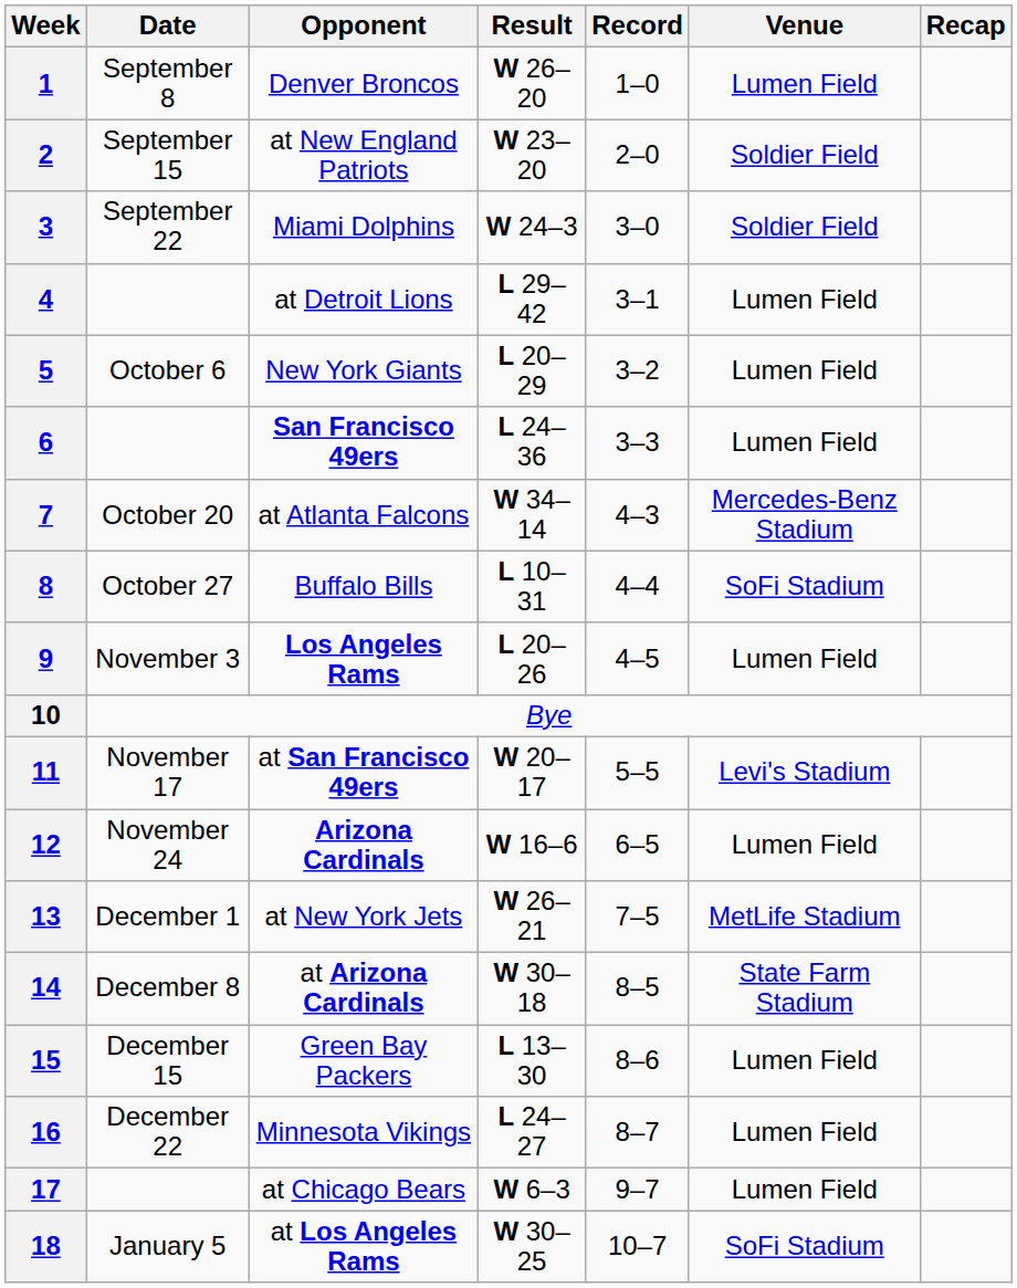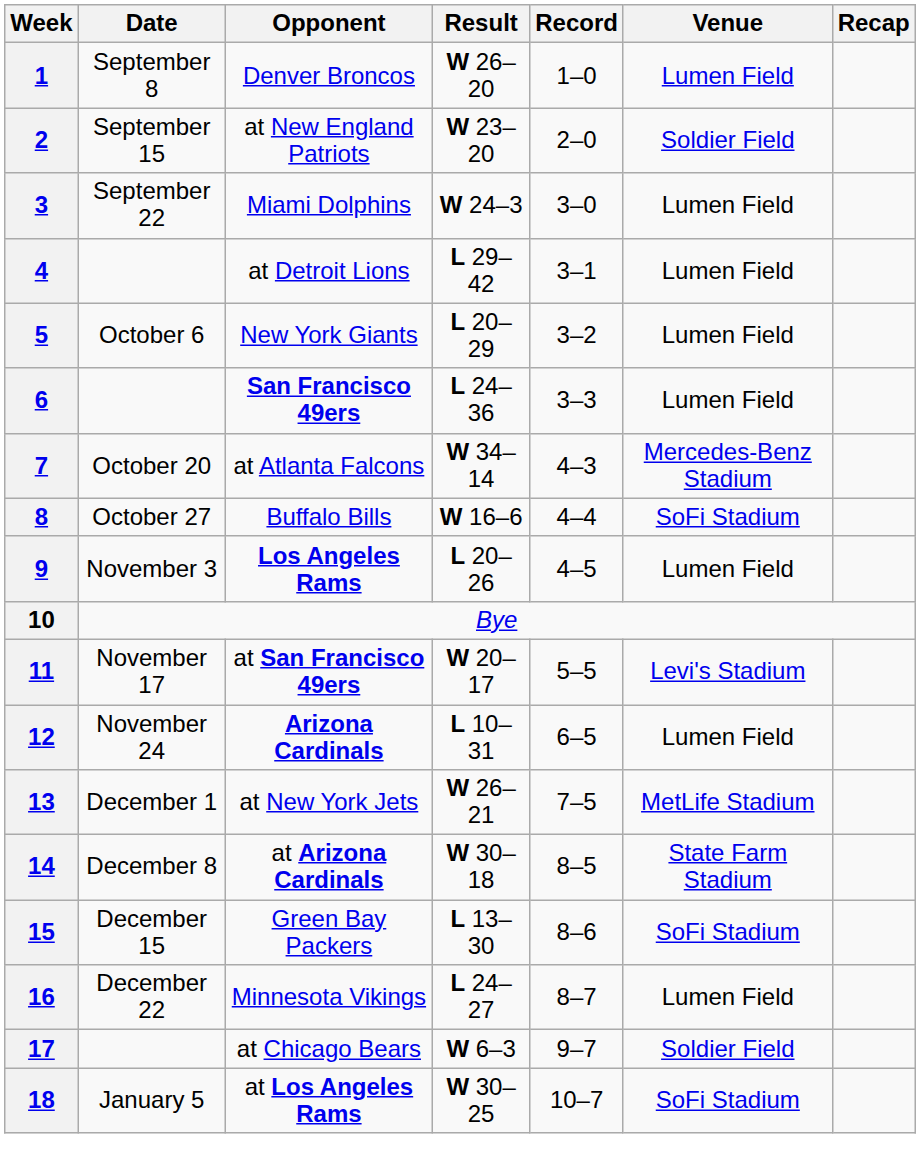 <table class="wikitable" style="text-align:center">
 <tr>
 <th>Week</th>
 <th>Date</th>
 <th>Opponent</th>
 <th>Result</th>
 <th>Record</th>
 <th>Venue</th>
 <th>Recap</th>
 </tr>
 <tr>
 <th><a href='#'>1</a></th>
 <td>September 8</td>
 <td><a href='#'>Denver Broncos</a></td>
 <td><strong>W</strong> 26–20</td>
 <td>1–0</td>
 <td><a href='#'>Lumen Field</a></td>
 <td></td>
 </tr>
 <tr>
 <th><a href='#'>2</a></th>
 <td>September 15</td>
 <td>at <a href='#'>New England Patriots</a></td>
 <td><strong>W</strong> 23–20 </td>
 <td>2–0</td>
 <td><a href='#'>Soldier Field</a></td>
 <td></td>
 </tr>
 <tr>
 <th><a href='#'>3</a></th>
 <td>September 22</td>
 <td><a href='#'>Miami Dolphins</a></td>
 <td><strong>W</strong> 24–3</td>
 <td>3–0</td>
-<td><a href='#'>Soldier Field</a></td>
+<td>Lumen Field</td>
 <td></td>
 </tr>
 <tr>
 <th><a href='#'>4</a></th>
 <td></td>
 <td>at <a href='#'>Detroit Lions</a></td>
 <td><strong>L</strong> 29–42</td>
 <td>3–1</td>
 <td>Lumen Field</td>
 <td></td>
 </tr>
 <tr>
 <th><a href='#'>5</a></th>
 <td>October 6</td>
 <td><a href='#'>New York Giants</a></td>
 <td><strong>L</strong> 20–29</td>
 <td>3–2</td>
 <td>Lumen Field</td>
 <td></td>
 </tr>
 <tr>
 <th><a href='#'>6</a></th>
 <td></td>
 <td><strong><a href='#'>San Francisco 49ers</a></strong></td>
 <td><strong>L</strong> 24–36</td>
 <td>3–3</td>
 <td>Lumen Field</td>
 <td></td>
 </tr>
 <tr>
 <th><a href='#'>7</a></th>
 <td>October 20</td>
 <td>at <a href='#'>Atlanta Falcons</a></td>
 <td><strong>W</strong> 34–14</td>
 <td>4–3</td>
 <td><a href='#'>Mercedes-Benz Stadium</a></td>
 <td></td>
 </tr>
 <tr>
 <th><a href='#'>8</a></th>
 <td>October 27</td>
 <td><a href='#'>Buffalo Bills</a></td>
-<td><strong>L</strong> 10–31</td>
+<td><strong>W</strong> 16–6</td>
 <td>4–4</td>
 <td><a href='#'>SoFi Stadium</a></td>
 <td></td>
 </tr>
 <tr>
 <th><a href='#'>9</a></th>
 <td>November 3</td>
 <td><strong><a href='#'>Los Angeles Rams</a></strong></td>
 <td><strong>L</strong> 20–26 </td>
 <td>4–5</td>
 <td>Lumen Field</td>
 <td></td>
 </tr>
 <tr>
 <th>10</th>
 <td colspan="6"><em><a href='#'>Bye</a></em></td>
 </tr>
 <tr>
 <th><a href='#'>11</a></th>
 <td>November 17</td>
 <td>at <strong><a href='#'>San Francisco 49ers</a></strong></td>
 <td><strong>W</strong> 20–17</td>
 <td>5–5</td>
 <td><a href='#'>Levi's Stadium</a></td>
 <td></td>
 </tr>
 <tr>
 <th><a href='#'>12</a></th>
 <td>November 24</td>
 <td><strong><a href='#'>Arizona Cardinals</a></strong></td>
-<td><strong>W</strong> 16–6</td>
+<td><strong>L</strong> 10–31</td>
 <td>6–5</td>
 <td>Lumen Field</td>
 <td></td>
 </tr>
 <tr>
 <th><a href='#'>13</a></th>
 <td>December 1</td>
 <td>at <a href='#'>New York Jets</a></td>
 <td><strong>W</strong> 26–21</td>
 <td>7–5</td>
 <td><a href='#'>MetLife Stadium</a></td>
 <td></td>
 </tr>
 <tr>
 <th><a href='#'>14</a></th>
 <td>December 8</td>
 <td>at <strong><a href='#'>Arizona Cardinals</a></strong></td>
 <td><strong>W</strong> 30–18</td>
 <td>8–5</td>
 <td><a href='#'>State Farm Stadium</a></td>
 <td></td>
 </tr>
 <tr>
 <th><a href='#'>15</a></th>
 <td>December 15</td>
 <td><a href='#'>Green Bay Packers</a></td>
 <td><strong>L</strong> 13–30</td>
 <td>8–6</td>
-<td>Lumen Field</td>
+<td><a href='#'>SoFi Stadium</a></td>
 <td></td>
 </tr>
 <tr>
 <th><a href='#'>16</a></th>
 <td>December 22</td>
 <td><a href='#'>Minnesota Vikings</a></td>
 <td><strong>L</strong> 24–27</td>
 <td>8–7</td>
 <td>Lumen Field</td>
 <td></td>
 </tr>
 <tr>
 <th><a href='#'>17</a></th>
 <td></td>
 <td>at <a href='#'>Chicago Bears</a></td>
 <td><strong>W</strong> 6–3</td>
 <td>9–7</td>
-<td>Lumen Field</td>
+<td><a href='#'>Soldier Field</a></td>
 <td></td>
 </tr>
 <tr>
 <th><a href='#'>18</a></th>
 <td>January 5</td>
 <td>at <strong><a href='#'>Los Angeles Rams</a></strong></td>
 <td><strong>W</strong> 30–25</td>
 <td>10–7</td>
 <td><a href='#'>SoFi Stadium</a></td>
 <td></td>
 </tr>
 </table>
